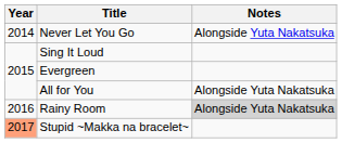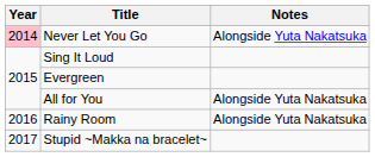 <table class="wikitable">
 <tr>
 <th>Year</th>
 <th>Title</th>
 <th>Notes</th>
 </tr>
 <tr>
-<td>2014</td>
+<td style="background: pink;">2014</td>
 <td>Never Let You Go</td>
 <td>Alongside <a href='#'>Yuta Nakatsuka</a></td>
 </tr>
 <tr>
 <td rowspan="3">2015</td>
 <td>Sing It Loud</td>
 <td></td>
 </tr>
 <tr>
 <td>Evergreen</td>
 <td></td>
 </tr>
 <tr>
 <td>All for You</td>
 <td>Alongside Yuta Nakatsuka</td>
 </tr>
 <tr>
 <td>2016</td>
 <td>Rainy Room</td>
-<td style="background: lightgrey;">Alongside Yuta Nakatsuka</td>
+<td>Alongside Yuta Nakatsuka</td>
 </tr>
 <tr>
-<td style="background: lightsalmon;">2017</td>
+<td>2017</td>
 <td>Stupid ~Makka na bracelet~</td>
 <td></td>
 </tr>
 </table>
